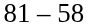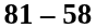 <table style="text-align:center">
 <tr>
 <th width=200></th>
 <th width=100></th>
 <th width=200></th>
 <th></th>
 </tr>
 <tr>
 <td align=right><strong></strong></td>
-<td>81 – 58</td>
+<td><strong>81 – 58</strong></td>
 <td align=left></td>
 </tr>
 </table>
